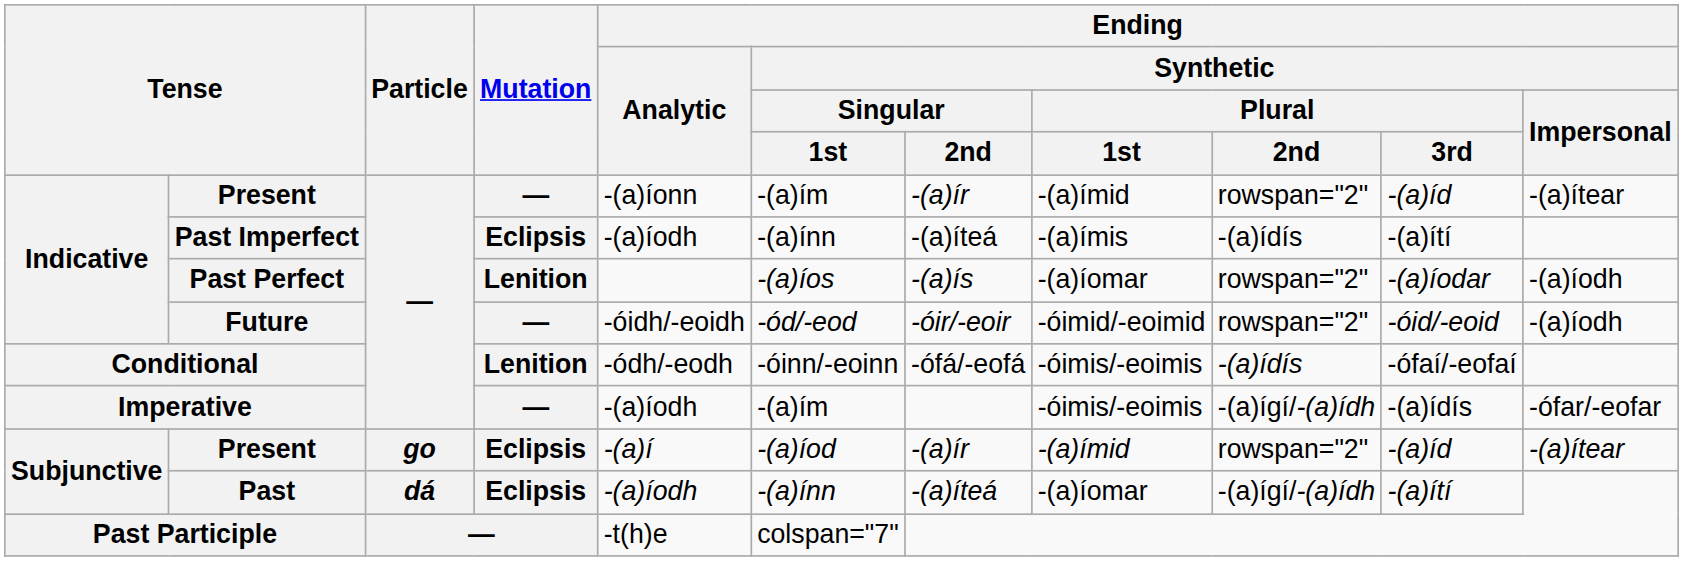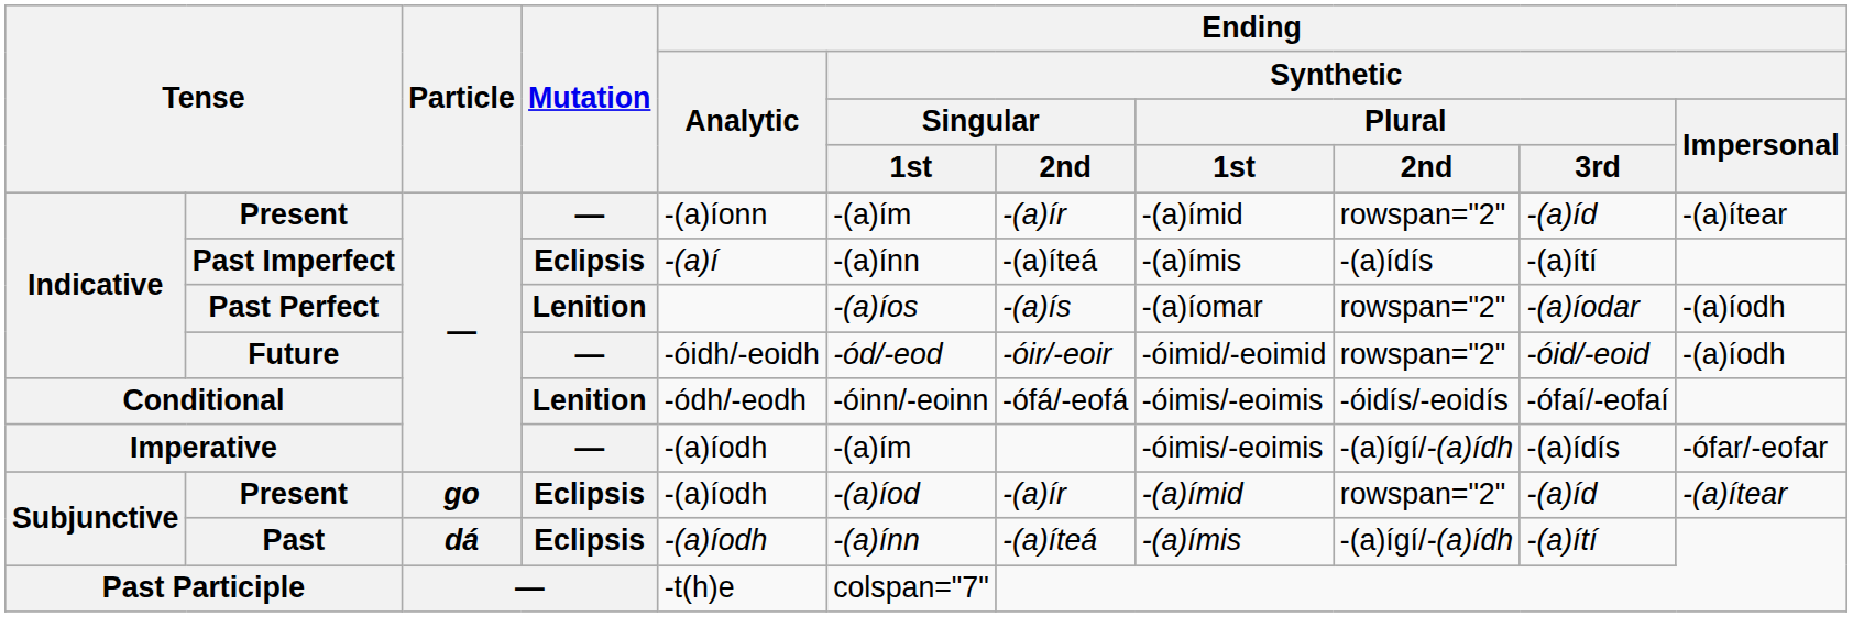 <table class="wikitable mw-collapsible">
 <tr>
 <th colspan="2" rowspan="4">Tense</th>
 <th rowspan="4">Particle</th>
 <th rowspan="4"><a href='#'>Mutation</a></th>
 <th colspan="7">Ending</th>
 </tr>
 <tr>
 <th rowspan="3">Analytic</th>
 <th colspan="6">Synthetic</th>
 </tr>
 <tr>
 <th colspan="2">Singular</th>
 <th colspan="3">Plural</th>
 <th rowspan="2">Impersonal</th>
 </tr>
 <tr>
 <th>1st</th>
 <th>2nd</th>
 <th>1st</th>
 <th>2nd</th>
 <th>3rd</th>
 </tr>
 <tr>
 <th rowspan="4">Indicative</th>
 <th>Present</th>
 <th rowspan="6">—</th>
 <th>—</th>
 <td>-(a)íonn</td>
 <td>-(a)ím</td>
 <td><em>-(a)ír</em></td>
 <td>-(a)ímid</td>
 <td>rowspan="2" </td>
 <td><em>-(a)íd</em></td>
 <td>-(a)ítear</td>
 </tr>
 <tr>
 <th>Past Imperfect</th>
 <th>Eclipsis</th>
-<td>-(a)íodh</td>
+<td><em>-(a)í</em></td>
 <td>-(a)ínn</td>
 <td>-(a)íteá</td>
 <td>-(a)ímis</td>
 <td>-(a)ídís</td>
 <td>-(a)ítí</td>
 </tr>
 <tr>
 <th>Past Perfect</th>
 <th>Lenition</th>
 <td></td>
 <td><em>-(a)íos</em></td>
 <td><em>-(a)ís</em></td>
 <td>-(a)íomar</td>
 <td>rowspan="2" </td>
 <td><em>-(a)íodar</em></td>
 <td>-(a)íodh</td>
 </tr>
 <tr>
 <th>Future</th>
 <th>—</th>
 <td>-óidh/-eoidh</td>
 <td><em>-ód/-eod</em></td>
 <td><em>-óir/-eoir</em></td>
 <td>-óimid/-eoimid</td>
 <td>rowspan="2" </td>
 <td><em>-óid/-eoid</em></td>
 <td>-(a)íodh</td>
 </tr>
 <tr>
 <th colspan="2">Conditional</th>
 <th>Lenition</th>
 <td>-ódh/-eodh</td>
 <td>-óinn/-eoinn</td>
 <td>-ófá/-eofá</td>
 <td>-óimis/-eoimis</td>
-<td><em>-(a)ídís</em></td>
+<td>-óidís/-eoidís</td>
 <td>-ófaí/-eofaí</td>
 </tr>
 <tr>
 <th colspan="2">Imperative</th>
 <th>—</th>
 <td>-(a)íodh</td>
 <td>-(a)ím</td>
 <td></td>
 <td>-óimis/-eoimis</td>
 <td>-(a)ígí/<em>-(a)ídh</em></td>
 <td>-(a)ídís</td>
 <td>-ófar/-eofar</td>
 </tr>
 <tr>
 <th rowspan="2">Subjunctive</th>
 <th>Present</th>
 <th><em>go</em></th>
 <th>Eclipsis</th>
-<td><em>-(a)í</em></td>
+<td>-(a)íodh</td>
 <td><em>-(a)íod</em></td>
 <td><em>-(a)ír</em></td>
 <td><em>-(a)ímid</em></td>
 <td>rowspan="2" </td>
 <td><em>-(a)íd</em></td>
 <td><em>-(a)ítear</em></td>
 </tr>
 <tr>
 <th>Past</th>
 <th><em>dá</em></th>
 <th>Eclipsis</th>
 <td><em>-(a)íodh</em></td>
 <td><em>-(a)ínn</em></td>
 <td><em>-(a)íteá</em></td>
-<td>-(a)íomar</td>
+<td><em>-(a)ímis</em></td>
 <td>-(a)ígí/<em>-(a)ídh</em></td>
 <td><em>-(a)ítí</em></td>
 </tr>
 <tr>
 <th colspan="2">Past Participle</th>
 <th colspan="2">—</th>
 <td>-t(h)e</td>
 <td>colspan="7" </td>
 </tr>
 </table>
